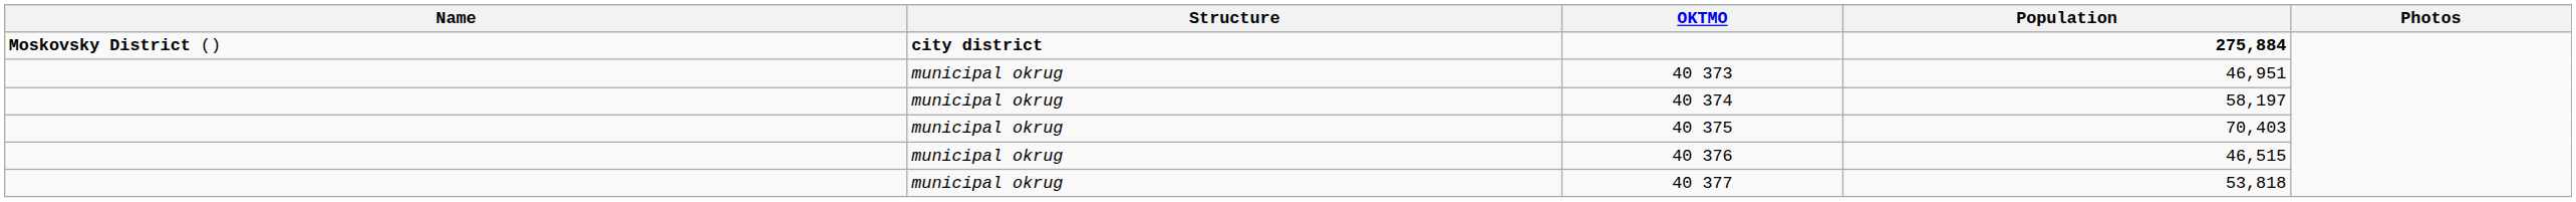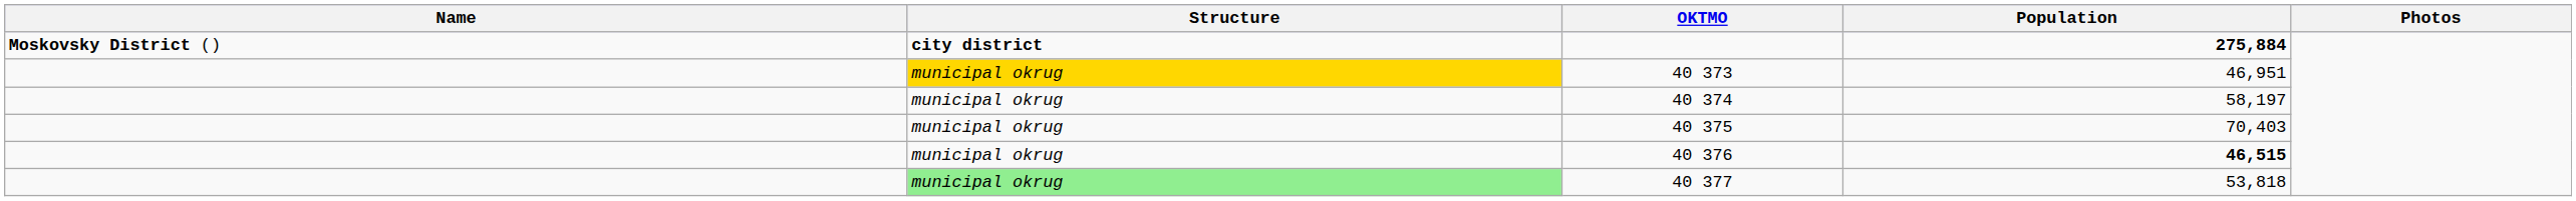 <table width=100% class="wikitable">
 <tr bgcolor="#CCCCFF" align="left">
 <th>Name</th>
 <th>Structure</th>
 <th><a href='#'>OKTMO</a></th>
 <th>Population</th>
 <th>Photos</th>
 </tr>
 <tr valign="top">
 <td><strong>Moskovsky District</strong> ()</td>
 <td align="left"><strong>city district</strong></td>
 <td></td>
 <td align="right"><strong>275,884</strong></td>
 <td rowspan="9"></td>
 </tr>
 <tr>
 <td><br></td>
-<td align="left"><em>municipal okrug</em></td>
+<td align="left" style="background: gold;"><em>municipal okrug</em></td>
 <td align="center">40 373</td>
 <td align="right">46,951</td>
 </tr>
 <tr>
 <td><br></td>
 <td align="left"><em>municipal okrug</em></td>
 <td align="center">40 374</td>
 <td align="right">58,197</td>
 </tr>
 <tr>
 <td><br></td>
 <td align="left"><em>municipal okrug</em></td>
 <td align="center">40 375</td>
 <td align="right">70,403</td>
 </tr>
 <tr>
 <td><br></td>
 <td align="left"><em>municipal okrug</em></td>
 <td align="center">40 376</td>
-<td align="right">46,515</td>
+<td align="right"><strong>46,515</strong></td>
 </tr>
 <tr>
 <td><br></td>
-<td align="left"><em>municipal okrug</em></td>
+<td align="left" style="background: lightgreen;"><em>municipal okrug</em></td>
 <td align="center">40 377</td>
 <td align="right">53,818</td>
 </tr>
 </table>
